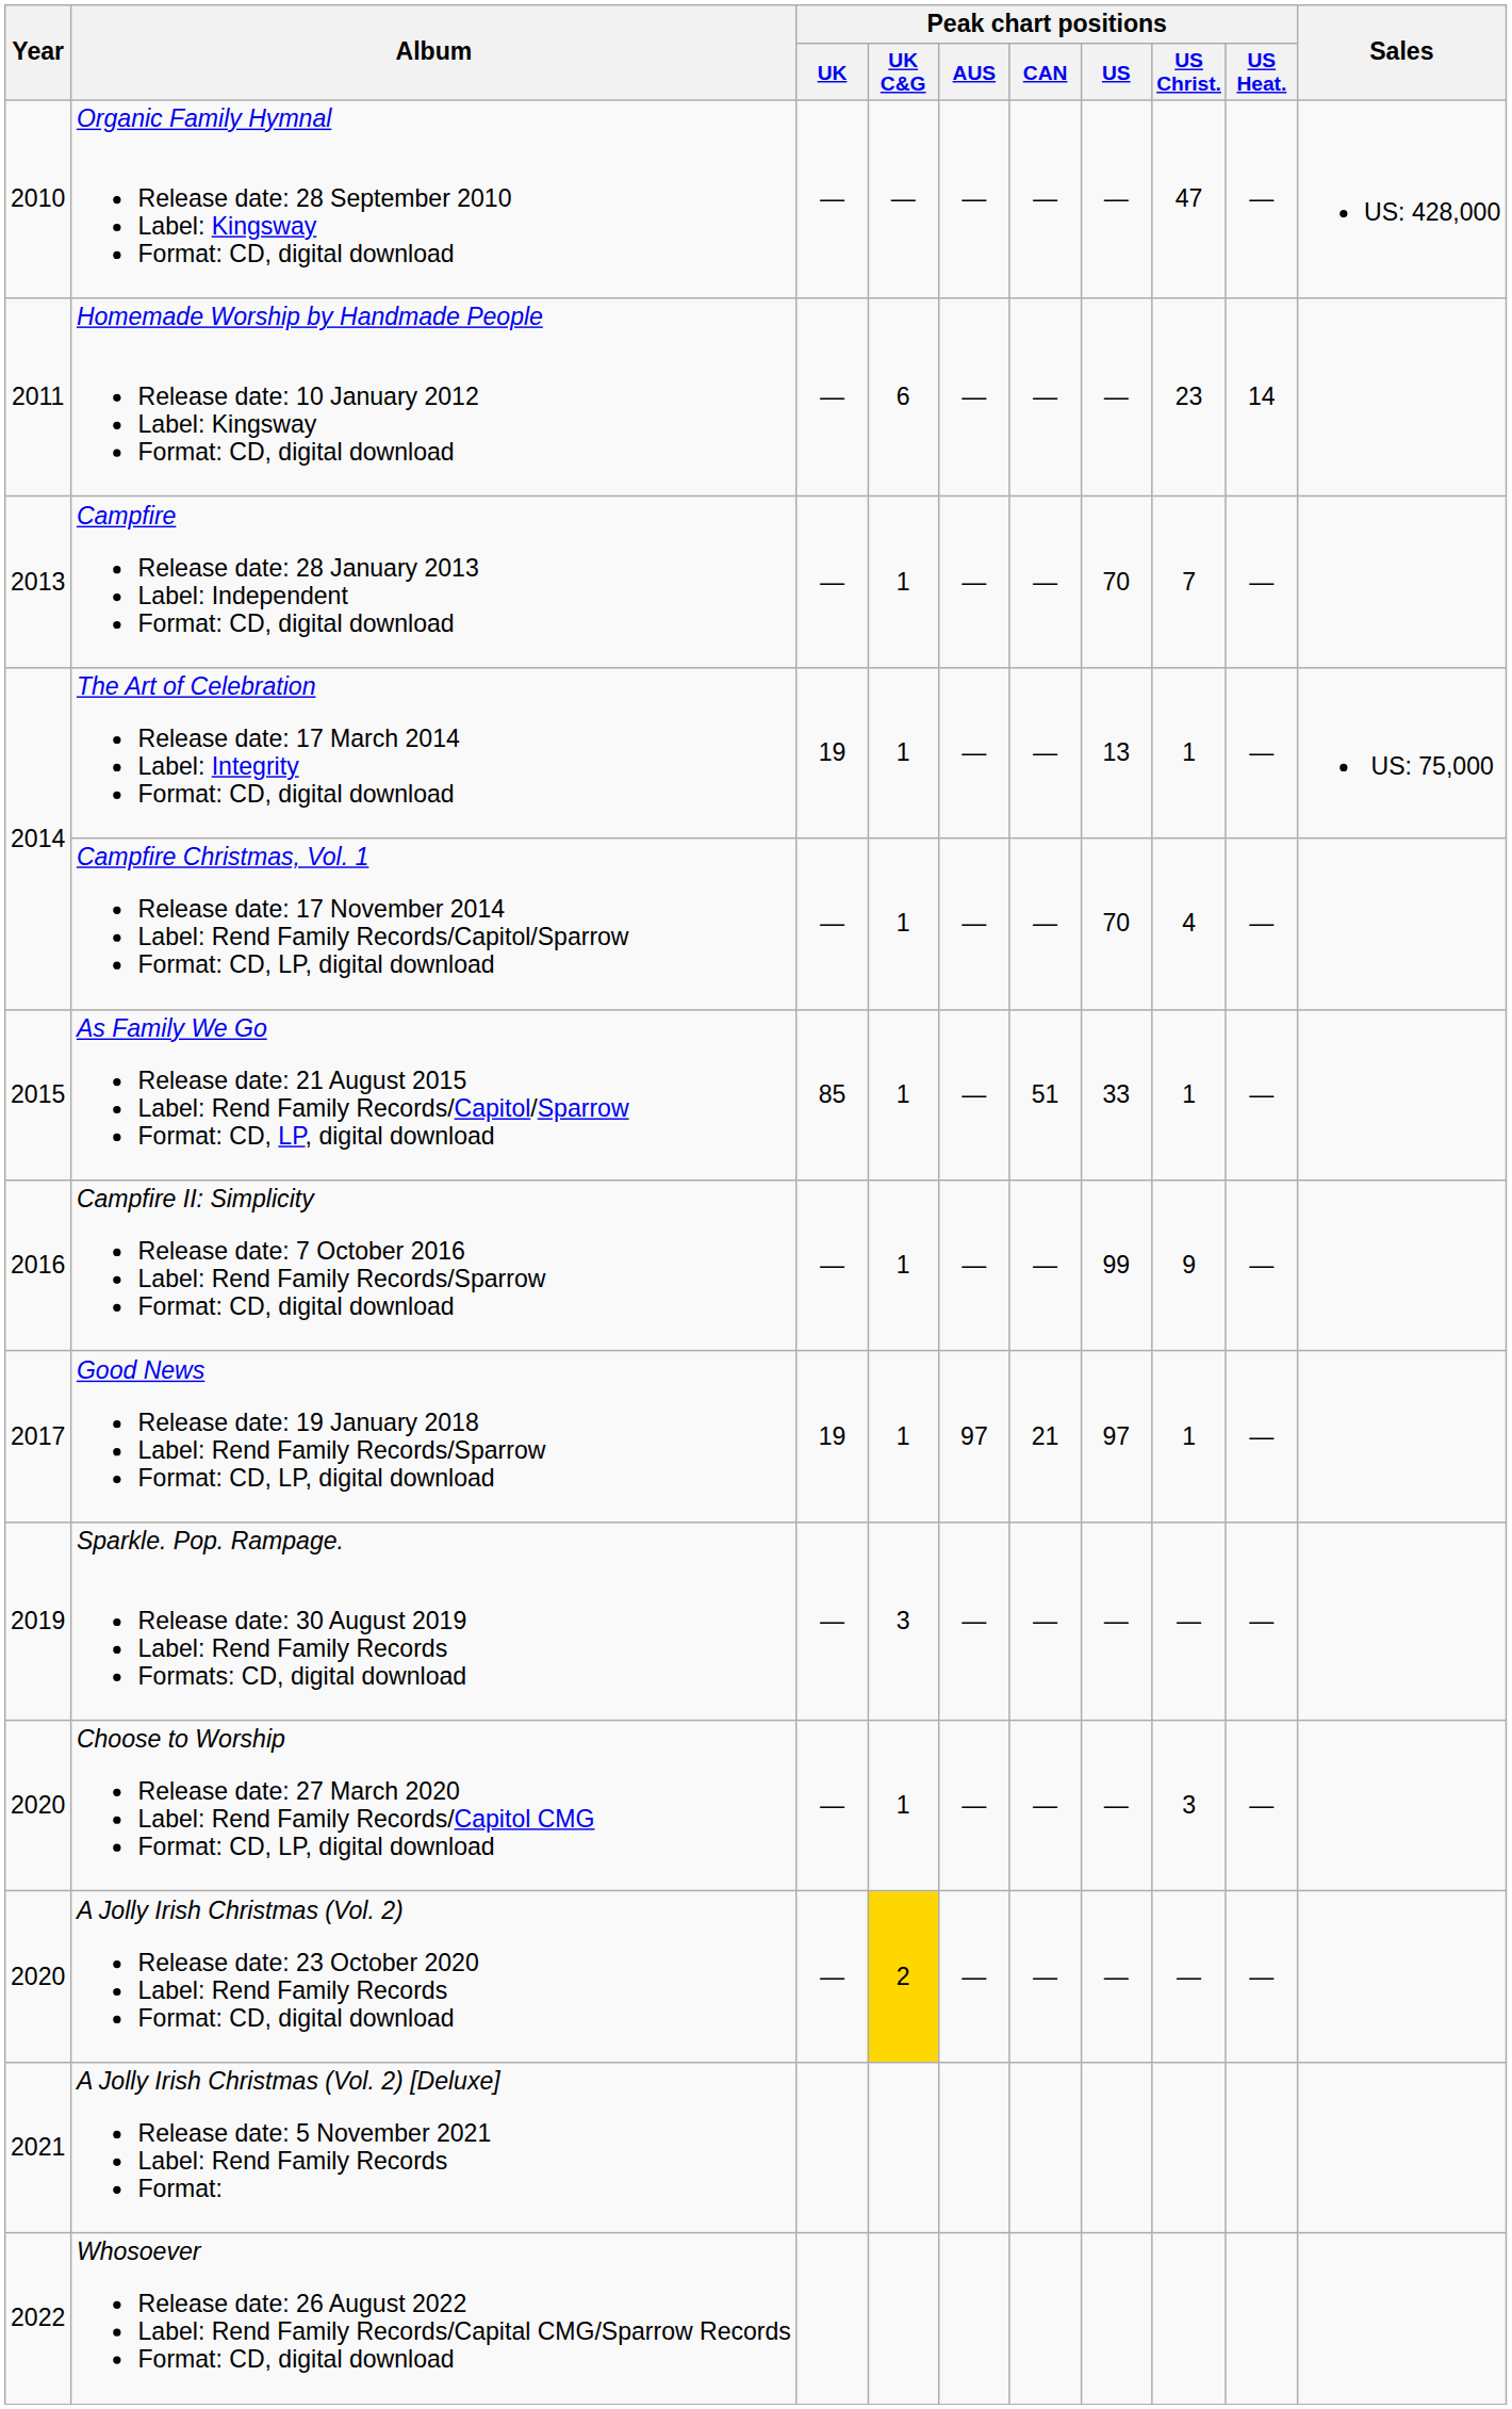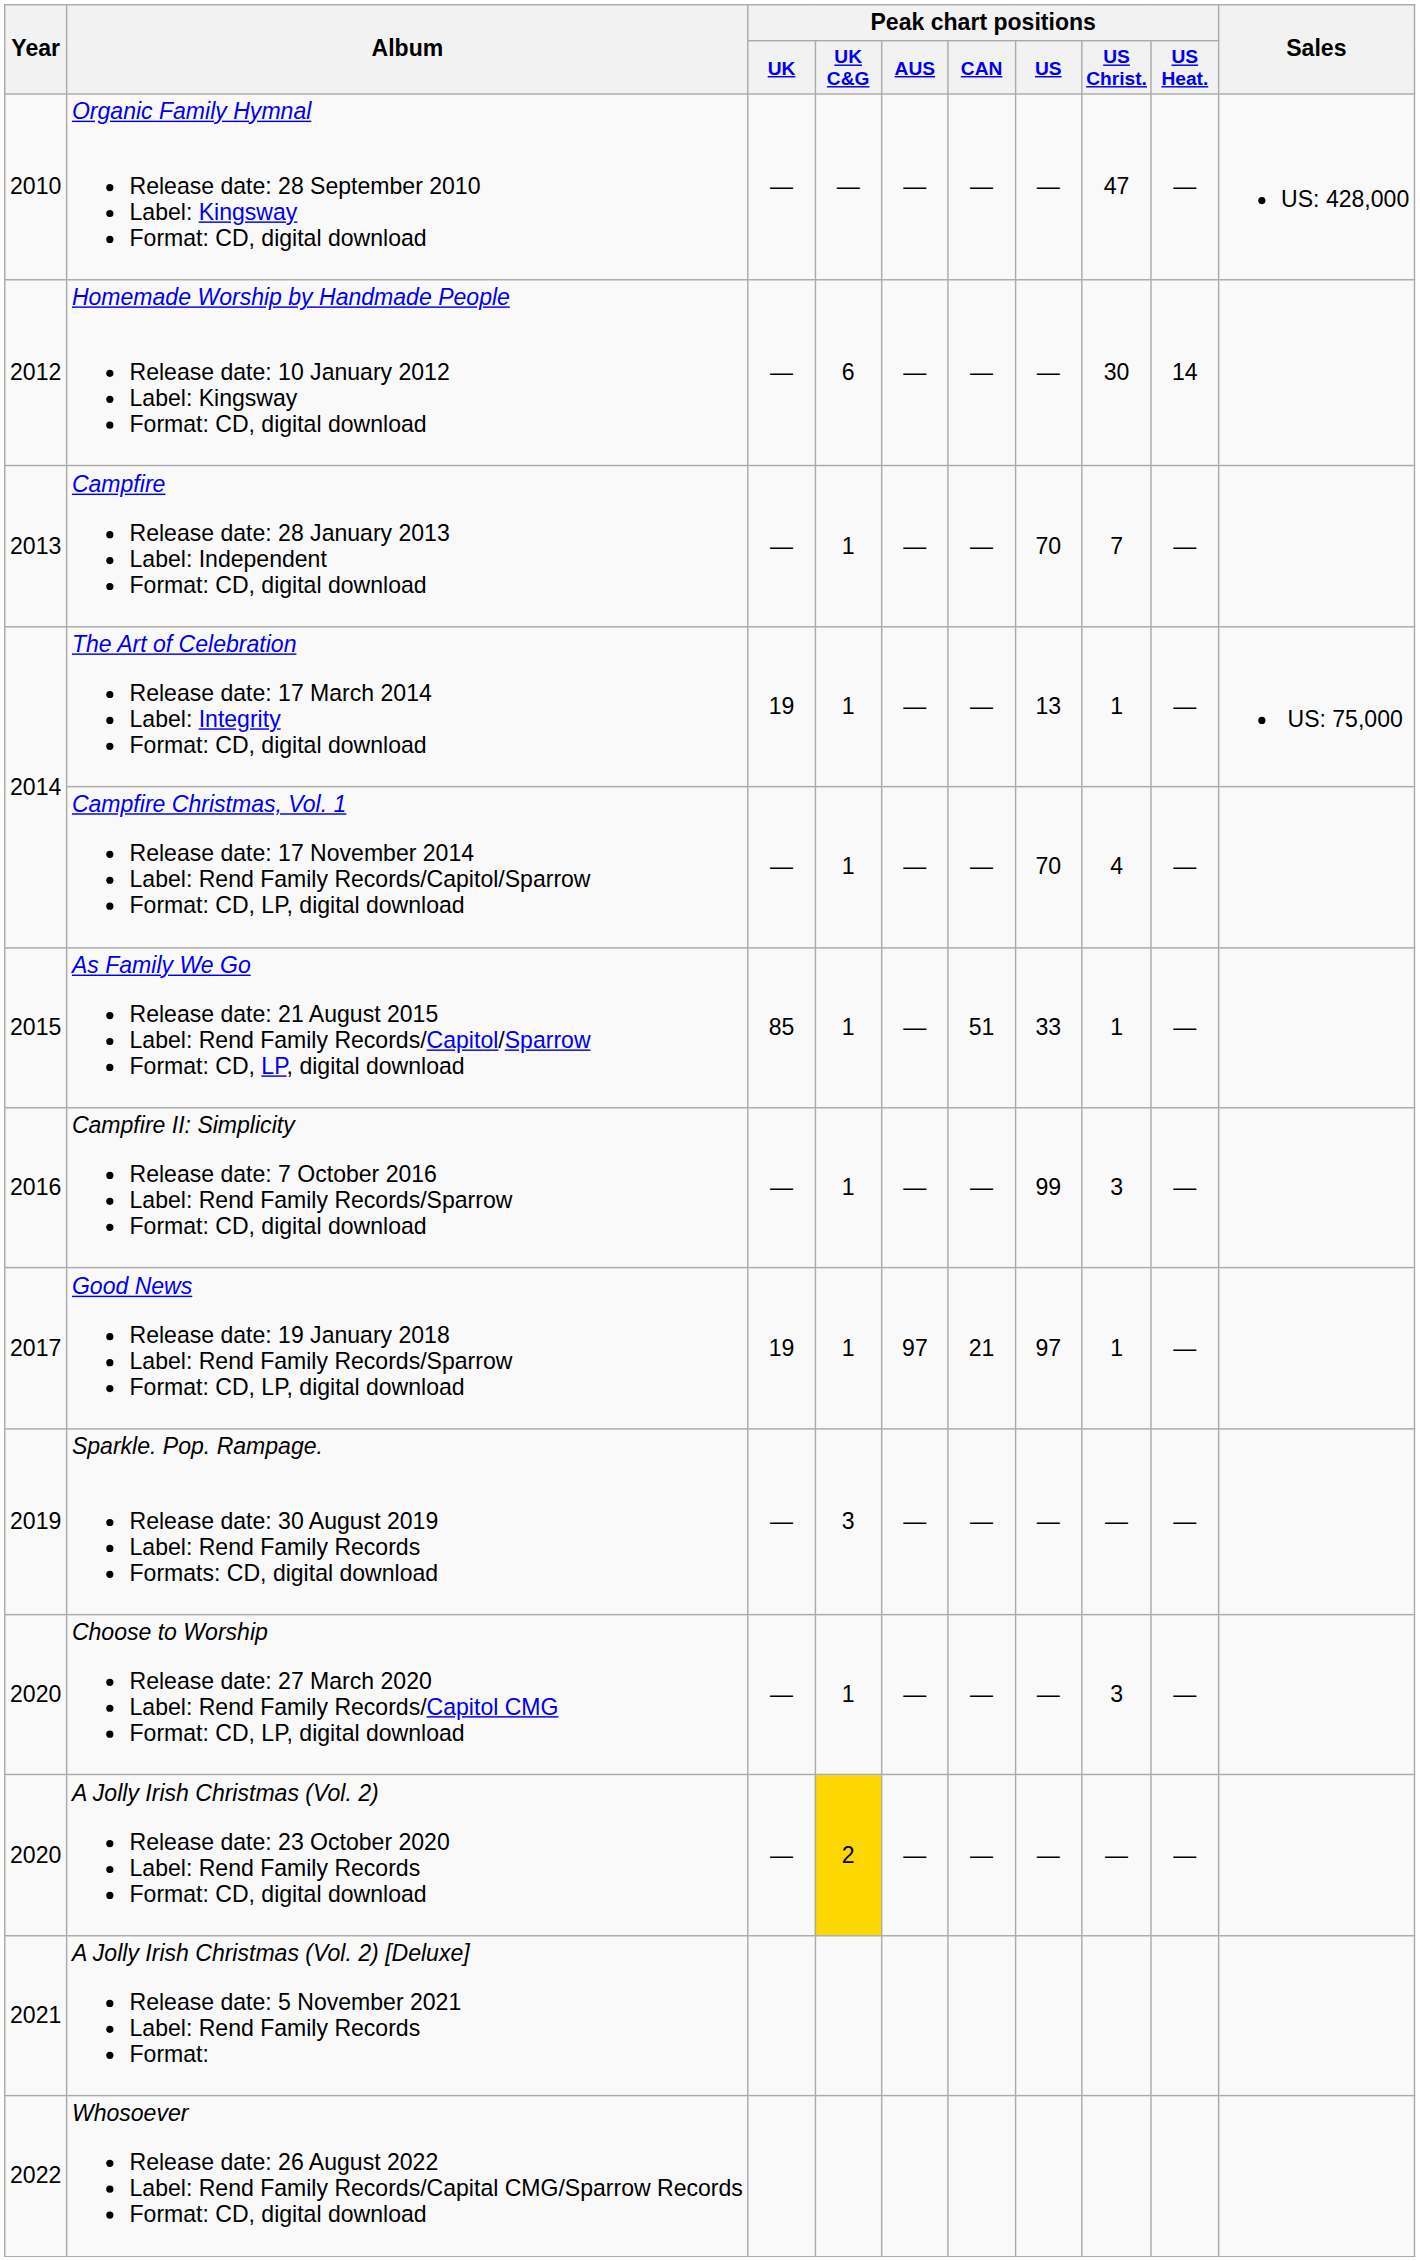 <table class="wikitable" style="text-align:center;">
 <tr>
 <th rowspan="2">Year</th>
 <th rowspan="2">Album</th>
 <th colspan="7">Peak chart positions</th>
 <th rowspan="2">Sales</th>
 </tr>
 <tr style="font-size:smaller;">
 <th style="width:40px;"><a href='#'>UK</a><br></th>
 <th style="width:40px;"><a href='#'>UK<br>C&G</a></th>
 <th style="width:40px;"><a href='#'>AUS</a><br></th>
 <th style="width:40px;"><a href='#'>CAN</a><br></th>
 <th style="width:40px;"><a href='#'>US</a><br></th>
 <th style="width:40px;"><a href='#'>US<br>Christ.</a><br></th>
 <th style="width:40px;"><a href='#'>US<br>Heat.</a><br></th>
 </tr>
 <tr>
 <td>2010</td>
 <td style="text-align:left;"><em><a href='#'>Organic Family Hymnal</a></em><br><br><ul><li>Release date: 28 September 2010</li><li>Label: <a href='#'>Kingsway</a></li><li>Format: CD, digital download</li></ul></td>
 <td>—</td>
 <td>—</td>
 <td>—</td>
 <td>—</td>
 <td>—</td>
 <td>47</td>
 <td>—</td>
 <td><br><ul><li>US: 428,000</li></ul></td>
 </tr>
 <tr>
-<td>2011</td>
+<td>2012</td>
 <td style="text-align:left;"><em><a href='#'>Homemade Worship by Handmade People</a></em><br><br><ul><li>Release date: 10 January 2012</li><li>Label: Kingsway</li><li>Format: CD, digital download</li></ul></td>
 <td>—</td>
 <td>6<br></td>
 <td>—</td>
 <td>—</td>
 <td>—</td>
-<td>23</td>
+<td>30</td>
 <td>14</td>
 <td></td>
 </tr>
 <tr>
 <td>2013</td>
 <td style="text-align:left;"><em><a href='#'>Campfire</a></em><br><ul><li>Release date: 28 January 2013</li><li>Label: Independent</li><li>Format: CD, digital download</li></ul></td>
 <td>—</td>
 <td>1<br></td>
 <td>—</td>
 <td>—</td>
 <td>70</td>
 <td>7</td>
 <td>—</td>
 <td></td>
 </tr>
 <tr>
 <td rowspan="2">2014</td>
 <td style="text-align:left;"><em><a href='#'>The Art of Celebration</a></em><br><ul><li>Release date: 17 March 2014</li><li>Label: <a href='#'>Integrity</a></li><li>Format: CD, digital download</li></ul></td>
 <td>19</td>
 <td>1<br></td>
 <td>—</td>
 <td>—</td>
 <td>13</td>
 <td>1</td>
 <td>—</td>
 <td><br><ul><li>US: 75,000</li></ul></td>
 </tr>
 <tr>
 <td style="text-align:left;"><em><a href='#'>Campfire Christmas, Vol. 1</a></em><br><ul><li>Release date: 17 November 2014</li><li>Label: Rend Family Records/Capitol/Sparrow</li><li>Format: CD, LP, digital download</li></ul></td>
 <td>—</td>
 <td>1<br></td>
 <td>—</td>
 <td>—</td>
 <td>70</td>
 <td>4</td>
 <td>—</td>
 <td></td>
 </tr>
 <tr>
 <td>2015</td>
 <td style="text-align:left;"><em><a href='#'>As Family We Go</a></em><br><ul><li>Release date: 21 August 2015</li><li>Label: Rend Family Records/<a href='#'>Capitol</a>/<a href='#'>Sparrow</a></li><li>Format: CD, <a href='#'>LP</a>, digital download</li></ul></td>
 <td>85</td>
 <td>1<br></td>
 <td>—</td>
 <td>51</td>
 <td>33</td>
 <td>1</td>
 <td>—</td>
 <td></td>
 </tr>
 <tr>
 <td>2016</td>
 <td style="text-align:left;"><em>Campfire II: Simplicity</em><br><ul><li>Release date: 7 October 2016</li><li>Label: Rend Family Records/Sparrow</li><li>Format: CD, digital download</li></ul></td>
 <td>—</td>
 <td>1<br></td>
 <td>—</td>
 <td>—</td>
 <td>99</td>
-<td>9</td>
+<td>3</td>
 <td>—</td>
 <td></td>
 </tr>
 <tr>
 <td>2017</td>
 <td style="text-align:left;"><em><a href='#'>Good News</a></em><br><ul><li>Release date: 19 January 2018</li><li>Label: Rend Family Records/Sparrow</li><li>Format: CD, LP, digital download</li></ul></td>
 <td>19</td>
 <td>1<br></td>
 <td>97</td>
 <td>21</td>
 <td>97</td>
 <td>1</td>
 <td>—</td>
 <td></td>
 </tr>
 <tr>
 <td>2019</td>
 <td style="text-align:left;"><em>Sparkle. Pop. Rampage.</em><br><br><ul><li>Release date: 30 August 2019</li><li>Label: Rend Family Records</li><li>Formats: CD, digital download</li></ul></td>
 <td>—</td>
 <td>3<br></td>
 <td>—</td>
 <td>—</td>
 <td>—</td>
 <td>—</td>
 <td>—</td>
 <td></td>
 </tr>
 <tr>
 <td>2020</td>
 <td style="text-align:left;"><em>Choose to Worship</em><br><ul><li>Release date: 27 March 2020</li><li>Label: Rend Family Records/<a href='#'>Capitol CMG</a></li><li>Format: CD, LP, digital download</li></ul></td>
 <td>—</td>
 <td>1<br></td>
 <td>—</td>
 <td>—</td>
 <td>—</td>
 <td>3</td>
 <td>—</td>
 <td></td>
 </tr>
 <tr>
 <td>2020</td>
 <td style="text-align:left;"><em>A Jolly Irish Christmas (Vol. 2)</em><br><ul><li>Release date: 23 October 2020</li><li>Label: Rend Family Records</li><li>Format: CD, digital download</li></ul></td>
 <td>—</td>
 <td style="background: gold;">2<br></td>
 <td>—</td>
 <td>—</td>
 <td>—</td>
 <td>—</td>
 <td>—</td>
 <td></td>
 </tr>
 <tr>
 <td>2021</td>
 <td style="text-align:left;"><em>A Jolly Irish Christmas (Vol. 2) [Deluxe]</em><br><ul><li>Release date: 5 November 2021</li><li>Label: Rend Family Records</li><li>Format:</li></ul></td>
 <td></td>
 <td></td>
 <td></td>
 <td></td>
 <td></td>
 <td></td>
 <td></td>
 <td></td>
 </tr>
 <tr>
 <td>2022</td>
 <td style="text-align:left;"><em>Whosoever</em><br><ul><li>Release date: 26 August 2022</li><li>Label: Rend Family Records/Capital CMG/Sparrow Records</li><li>Format: CD, digital download</li></ul></td>
 <td></td>
 <td></td>
 <td></td>
 <td></td>
 <td></td>
 <td></td>
 <td></td>
 <td></td>
 </tr>
 <tr>
 </tr>
 </table>
